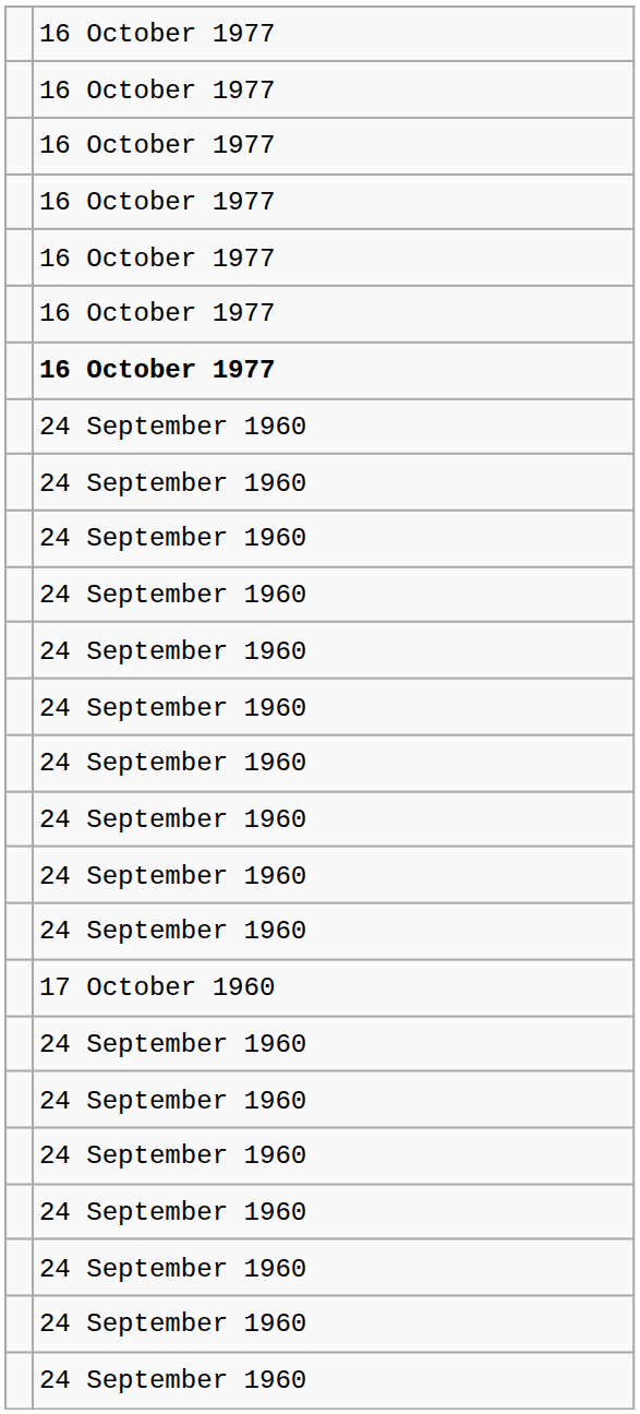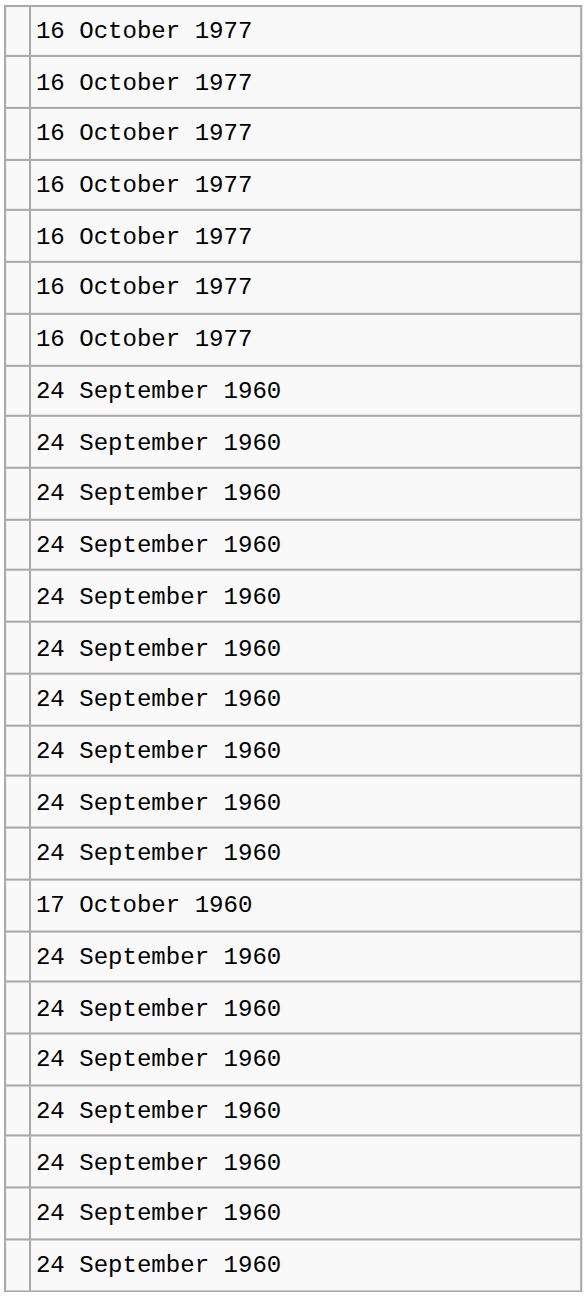 <table class="wikitable" style="font-size: 89%; float: left; width: 24em; margin-right: 1em; line-height: 1.65em">
 <tr>
 <td></td>
 <td>16 October 1977</td>
 </tr>
 <tr>
 <td></td>
 <td>16 October 1977</td>
 </tr>
 <tr>
 <td></td>
 <td>16 October 1977</td>
 </tr>
 <tr>
 <td></td>
 <td>16 October 1977</td>
 </tr>
 <tr>
 <td></td>
 <td>16 October 1977</td>
 </tr>
 <tr>
 <td></td>
 <td>16 October 1977</td>
 </tr>
 <tr>
 <td></td>
-<td><strong>16 October 1977</strong></td>
+<td>16 October 1977</td>
 </tr>
 <tr>
 <td></td>
 <td>24 September 1960</td>
 </tr>
 <tr>
 <td></td>
 <td>24 September 1960</td>
 </tr>
 <tr>
 <td></td>
 <td>24 September 1960</td>
 </tr>
 <tr>
 <td></td>
 <td>24 September 1960</td>
 </tr>
 <tr>
 <td></td>
 <td>24 September 1960</td>
 </tr>
 <tr>
 <td></td>
 <td>24 September 1960</td>
 </tr>
 <tr>
 <td></td>
 <td>24 September 1960</td>
 </tr>
 <tr>
 <td></td>
 <td>24 September 1960</td>
 </tr>
 <tr>
 <td></td>
 <td>24 September 1960</td>
 </tr>
 <tr>
 <td></td>
 <td>24 September 1960</td>
 </tr>
 <tr>
 <td></td>
 <td>17 October 1960</td>
 </tr>
 <tr>
 <td></td>
 <td>24 September 1960</td>
 </tr>
 <tr>
 <td></td>
 <td>24 September 1960</td>
 </tr>
 <tr>
 <td></td>
 <td>24 September 1960</td>
 </tr>
 <tr>
 <td></td>
 <td>24 September 1960</td>
 </tr>
 <tr>
 <td></td>
 <td>24 September 1960</td>
 </tr>
 <tr>
 <td></td>
 <td>24 September 1960</td>
 </tr>
 <tr>
 <td></td>
 <td>24 September 1960</td>
 </tr>
 </table>
